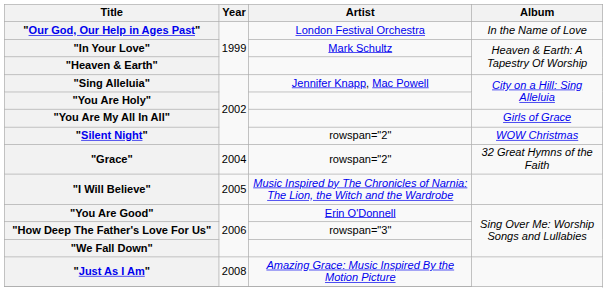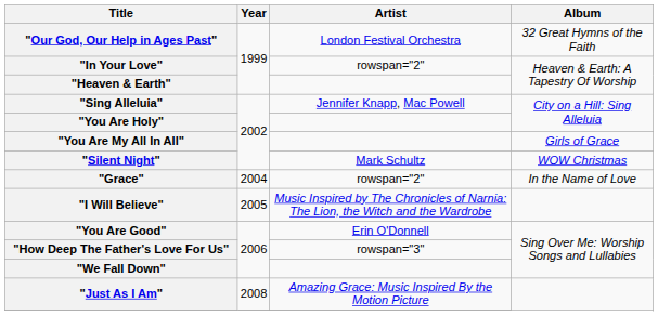 <table class="wikitable plainrowheaders" style="text-align:center;">
 <tr>
 <th scope="col" style="width:19em;">Title</th>
 <th scope="col">Year</th>
 <th scope="col">Artist</th>
 <th scope="col">Album</th>
 </tr>
 <tr>
 <th scope="row">"<a href='#'>Our God, Our Help in Ages Past</a>"</th>
 <td rowspan="3">1999</td>
 <td><a href='#'>London Festival Orchestra</a></td>
-<td><em>In the Name of Love</em></td>
+<td><em>32 Great Hymns of the Faith</em></td>
 </tr>
 <tr>
 <th scope="row">"In Your Love"</th>
-<td><a href='#'>Mark Schultz</a></td>
+<td>rowspan="2" </td>
 <td rowspan="2"><em>Heaven & Earth: A Tapestry Of Worship</em></td>
 </tr>
 <tr>
 <th scope="row">"Heaven & Earth"</th>
 </tr>
 <tr>
 <th scope="row">"Sing Alleluia"</th>
 <td rowspan="4">2002</td>
 <td><a href='#'>Jennifer Knapp</a>, <a href='#'>Mac Powell</a></td>
 <td rowspan="2"><em><a href='#'>City on a Hill: Sing Alleluia</a></em></td>
 </tr>
 <tr>
 <th scope="row">"You Are Holy"</th>
 <td></td>
 </tr>
 <tr>
 <th scope="row">"You Are My All In All"</th>
 <td></td>
 <td><em><a href='#'>Girls of Grace</a></em></td>
 </tr>
 <tr>
 <th scope="row">"<a href='#'>Silent Night</a>"</th>
-<td>rowspan="2" </td>
+<td><a href='#'>Mark Schultz</a></td>
 <td><em><a href='#'>WOW Christmas</a></em></td>
 </tr>
 <tr>
 <th scope="row">"Grace"</th>
 <td>2004</td>
 <td>rowspan="2" </td>
-<td><em>32 Great Hymns of the Faith</em></td>
+<td><em>In the Name of Love</em></td>
 </tr>
 <tr>
 <th scope="row">"I Will Believe"</th>
 <td>2005</td>
 <td><em><a href='#'>Music Inspired by The Chronicles of Narnia: The Lion, the Witch and the Wardrobe</a></em></td>
 </tr>
 <tr>
 <th scope="row">"You Are Good"</th>
 <td rowspan="3">2006</td>
 <td><a href='#'>Erin O'Donnell</a></td>
 <td rowspan="3"><em>Sing Over Me: Worship Songs and Lullabies</em></td>
 </tr>
 <tr>
 <th scope="row">"How Deep The Father's Love For Us"</th>
 <td>rowspan="3" </td>
 </tr>
 <tr>
 <th scope="row">"We Fall Down"</th>
 </tr>
 <tr>
 <th scope="row">"<a href='#'>Just As I Am</a>"</th>
 <td>2008</td>
 <td><em><a href='#'>Amazing Grace: Music Inspired By the Motion Picture</a></em></td>
 </tr>
 <tr>
 </tr>
 </table>
